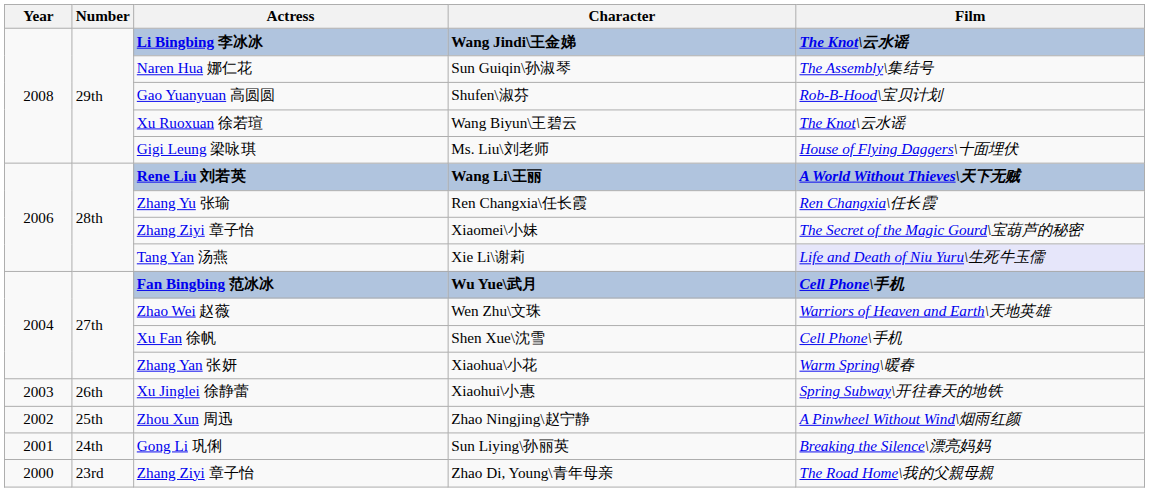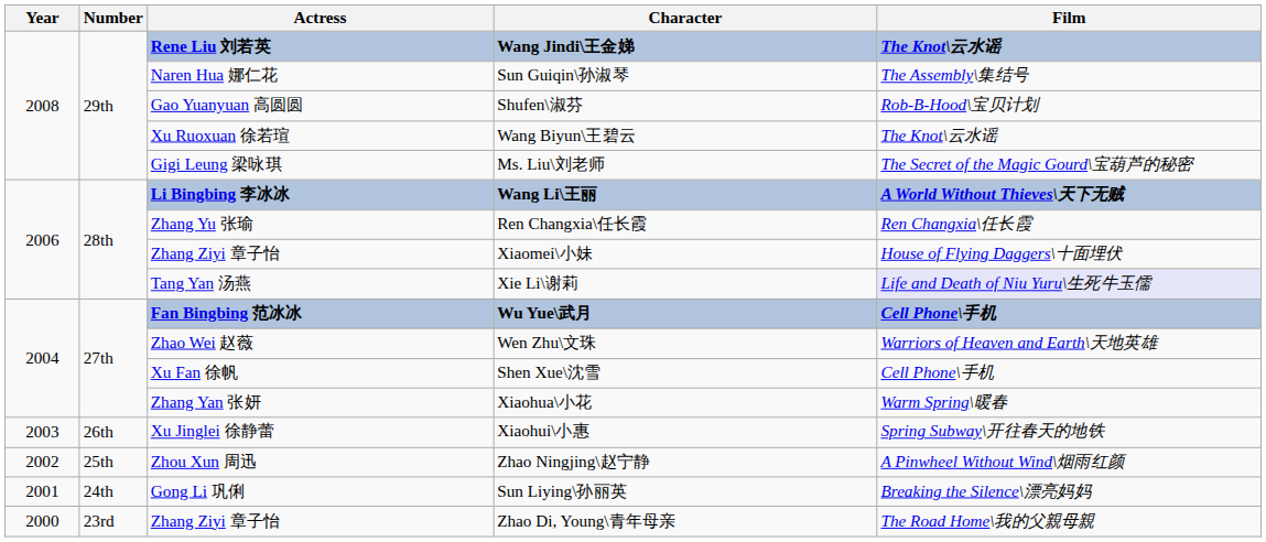 <table class="wikitable" width="95%" align="center">
 <tr>
 <th width="6%">Year</th>
 <th width="4%">Number</th>
 <th width="28%">Actress</th>
 <th width="31%">Character</th>
 <th width="31%">Film</th>
 </tr>
 <tr>
 <td rowspan="5" style="text-align:center;">2008</td>
 <td rowspan="5">29th</td>
-<td style="background:#B0C4DE;"><strong><a href='#'>Li Bingbing</a> 李冰冰</strong></td>
+<td style="background:#B0C4DE;"><strong><a href='#'>Rene Liu</a> 刘若英</strong></td>
 <td style="background:#B0C4DE;"><strong>Wang Jindi\王金娣</strong></td>
 <td style="background:#B0C4DE;"><strong><em><a href='#'>The Knot</a>\云水谣</em></strong></td>
 </tr>
 <tr>
 <td><a href='#'>Naren Hua</a> 娜仁花</td>
 <td>Sun Guiqin\孙淑琴</td>
 <td><em><a href='#'>The Assembly</a>\集结号</em></td>
 </tr>
 <tr>
 <td><a href='#'>Gao Yuanyuan</a> 高圆圆</td>
 <td>Shufen\淑芬</td>
 <td><em><a href='#'>Rob-B-Hood</a>\宝贝计划</em></td>
 </tr>
 <tr>
 <td><a href='#'>Xu Ruoxuan</a> 徐若瑄</td>
 <td>Wang Biyun\王碧云</td>
 <td><em><a href='#'>The Knot</a>\云水谣</em></td>
 </tr>
 <tr>
 <td><a href='#'>Gigi Leung</a> 梁咏琪</td>
 <td>Ms. Liu\刘老师</td>
-<td><em><a href='#'>House of Flying Daggers</a>\十面埋伏</em></td>
+<td><em><a href='#'>The Secret of the Magic Gourd</a>\宝葫芦的秘密</em></td>
 </tr>
 <tr>
 <td rowspan="4" style="text-align:center;">2006</td>
 <td rowspan="4">28th</td>
-<td style="background:#B0C4DE;"><strong><a href='#'>Rene Liu</a> 刘若英</strong></td>
+<td style="background:#B0C4DE;"><strong><a href='#'>Li Bingbing</a> 李冰冰</strong></td>
 <td style="background:#B0C4DE;"><strong>Wang Li\王丽</strong></td>
 <td style="background:#B0C4DE;"><strong><em><a href='#'>A World Without Thieves</a>\天下无贼</em></strong></td>
 </tr>
 <tr>
 <td><a href='#'>Zhang Yu</a> 张瑜</td>
 <td>Ren Changxia\任长霞</td>
 <td><em><a href='#'>Ren Changxia</a>\任长霞</em></td>
 </tr>
 <tr>
 <td><a href='#'>Zhang Ziyi</a> 章子怡</td>
 <td>Xiaomei\小妹</td>
-<td><em><a href='#'>The Secret of the Magic Gourd</a>\宝葫芦的秘密</em></td>
+<td><em><a href='#'>House of Flying Daggers</a>\十面埋伏</em></td>
 </tr>
 <tr>
 <td><a href='#'>Tang Yan</a> 汤燕</td>
 <td>Xie Li\谢莉</td>
 <td style="background: lavender;"><em><a href='#'>Life and Death of Niu Yuru</a>\生死牛玉儒</em></td>
 </tr>
 <tr>
 <td rowspan="4" style="text-align:center;">2004</td>
 <td rowspan="4">27th</td>
 <td style="background:#B0C4DE;"><strong><a href='#'>Fan Bingbing</a> 范冰冰</strong></td>
 <td style="background:#B0C4DE;"><strong>Wu Yue\武月</strong></td>
 <td style="background:#B0C4DE;"><strong><em><a href='#'>Cell Phone</a>\手机</em></strong></td>
 </tr>
 <tr>
 <td><a href='#'>Zhao Wei</a> 赵薇</td>
 <td>Wen Zhu\文珠</td>
 <td><em><a href='#'>Warriors of Heaven and Earth</a>\天地英雄</em></td>
 </tr>
 <tr>
 <td><a href='#'>Xu Fan</a> 徐帆</td>
 <td>Shen Xue\沈雪</td>
 <td><em><a href='#'>Cell Phone</a>\手机</em></td>
 </tr>
 <tr>
 <td><a href='#'>Zhang Yan</a> 张妍</td>
 <td>Xiaohua\小花</td>
 <td><em><a href='#'>Warm Spring</a>\暖春</em></td>
 </tr>
 <tr>
 <td style="text-align:center;">2003</td>
 <td>26th</td>
 <td><a href='#'>Xu Jinglei</a> 徐静蕾</td>
 <td>Xiaohui\小惠</td>
 <td><em><a href='#'>Spring Subway</a>\开往春天的地铁</em></td>
 </tr>
 <tr>
 <td style="text-align:center;">2002</td>
 <td>25th</td>
 <td><a href='#'>Zhou Xun</a> 周迅</td>
 <td>Zhao Ningjing\赵宁静</td>
 <td><em><a href='#'>A Pinwheel Without Wind</a>\烟雨红颜</em></td>
 </tr>
 <tr>
 <td style="text-align:center;">2001</td>
 <td>24th</td>
 <td><a href='#'>Gong Li</a> 巩俐</td>
 <td>Sun Liying\孙丽英</td>
 <td><em><a href='#'>Breaking the Silence</a>\漂亮妈妈</em></td>
 </tr>
 <tr>
 <td style="text-align:center;">2000</td>
 <td>23rd</td>
 <td><a href='#'>Zhang Ziyi</a> 章子怡</td>
 <td>Zhao Di, Young\青年母亲</td>
 <td><em><a href='#'>The Road Home</a>\我的父親母親</em></td>
 </tr>
 </table>
